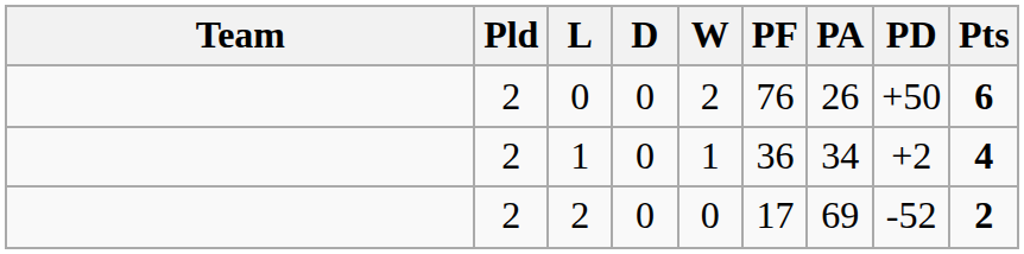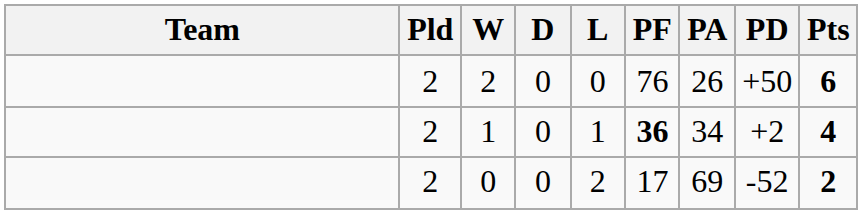 <table class="wikitable" style="text-align:center;">
 <tr>
 <th width="190">Team</th>
 <th width="20" abbr="Played">Pld</th>
+<th width="20" abbr="Won">W</th>
+<th width="20" abbr="Drawn">D</th>
 <th width="20" abbr="Lost">L</th>
-<th width="20" abbr="Drawn">D</th>
-<th width="20" abbr="Won">W</th>
 <th width="20" abbr="Points for">PF</th>
 <th width="20" abbr="Points against">PA</th>
 <th width="25" abbr="Points difference">PD</th>
 <th width="20" abbr="Points">Pts</th>
 </tr>
 <tr style="background:">
 <td align="left"></td>
 <td>2</td>
+<td>2</td>
 <td>0</td>
 <td>0</td>
-<td>2</td>
 <td>76</td>
 <td>26</td>
 <td>+50</td>
 <td><strong>6</strong></td>
 </tr>
 <tr style="background:">
 <td align="left"></td>
 <td>2</td>
 <td>1</td>
 <td>0</td>
 <td>1</td>
-<td>36</td>
+<td><strong>36</strong></td>
 <td>34</td>
 <td>+2</td>
 <td><strong>4</strong></td>
 </tr>
 <tr>
 <td align="left"></td>
 <td>2</td>
-<td>2</td>
 <td>0</td>
 <td>0</td>
+<td>2</td>
 <td>17</td>
 <td>69</td>
 <td>-52</td>
 <td><strong>2</strong></td>
 </tr>
 </table>
